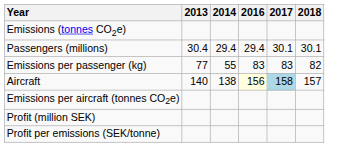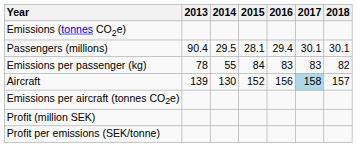 <table class="wikitable mw-collapsible" style="text-align:right">
 <tr>
 <th style="text-align:left;"><strong>Year</strong></th>
 <th>2013</th>
 <th>2014</th>
+<th>2015</th>
 <th>2016</th>
 <th>2017</th>
 <th>2018</th>
 </tr>
 <tr>
 <td style="text-align:left;">Emissions (<a href='#'>tonnes</a> CO<sub>2</sub>e)</td>
 <td></td>
 <td></td>
 <td></td>
 <td></td>
 <td></td>
+<td></td>
 </tr>
 <tr>
 <td style="text-align:left;">Passengers (millions)</td>
-<td>30.4</td>
-<td>29.4</td>
+<td>90.4</td>
+<td>29.5</td>
+<td>28.1</td>
 <td>29.4</td>
 <td>30.1</td>
 <td>30.1</td>
 </tr>
 <tr>
 <td style="text-align:left;">Emissions per passenger (kg)</td>
-<td>77</td>
+<td>78</td>
 <td>55</td>
+<td>84</td>
 <td>83</td>
 <td>83</td>
 <td>82</td>
 </tr>
 <tr>
 <td style="text-align:left;">Aircraft</td>
-<td>140</td>
-<td>138</td>
-<td style="background: lightyellow;">156</td>
+<td>139</td>
+<td>130</td>
+<td>152</td>
+<td>156</td>
 <td style="background: lightblue;">158</td>
 <td>157</td>
 </tr>
 <tr>
 <td style="text-align:left;">Emissions per aircraft (tonnes CO<sub>2</sub>e)</td>
+<td></td>
 <td></td>
 <td></td>
 <td></td>
 <td></td>
 <td></td>
 </tr>
 <tr>
 <td style="text-align:left;">Profit (million SEK)</td>
 <td></td>
 <td></td>
 <td></td>
 <td></td>
 <td></td>
+<td></td>
 </tr>
 <tr>
 <td style="text-align:left;">Profit per emissions (SEK/tonne)</td>
 <td></td>
 <td></td>
 <td></td>
 <td></td>
 <td></td>
+<td></td>
 </tr>
 </table>
